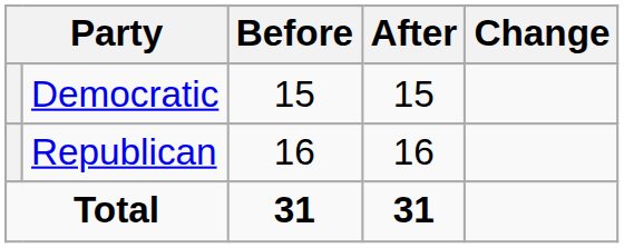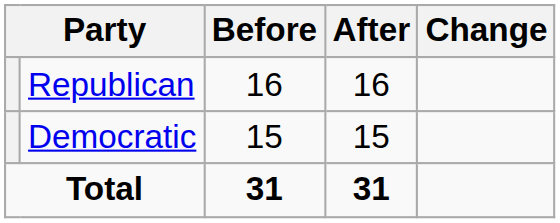 <table class="wikitable" style="text-align:center;">
 <tr>
 <th colspan="2">Party</th>
 <th>Before</th>
 <th>After</th>
 <th>Change</th>
 </tr>
 <tr>
 <th style="background-color:"></th>
-<td style="text-align:left;"><a href='#'>Democratic</a></td>
-<td>15</td>
-<td>15</td>
+<td style="text-align:left;"><a href='#'>Republican</a></td>
+<td>16</td>
+<td>16</td>
 <td></td>
 </tr>
 <tr>
 <th style="background-color:"></th>
-<td style="text-align:left;"><a href='#'>Republican</a></td>
-<td>16</td>
-<td>16</td>
+<td style="text-align:left;"><a href='#'>Democratic</a></td>
+<td>15</td>
+<td>15</td>
 <td></td>
 </tr>
 <tr>
 <td colspan="2"><strong>Total</strong></td>
 <td><strong>31</strong></td>
 <td><strong>31</strong></td>
 <td></td>
 </tr>
 </table>
